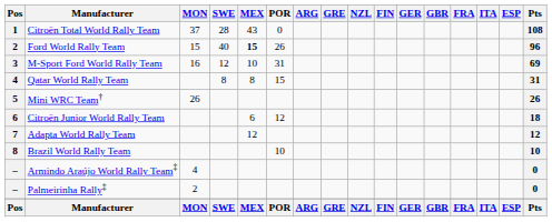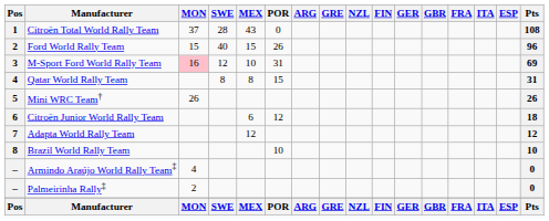 <table class="wikitable" style="text-align:center; font-size:85%;">
 <tr valign="top">
 <th valign="middle">Pos</th>
 <th valign="middle">Manufacturer</th>
 <th><a href='#'>MON</a><br></th>
 <th><a href='#'>SWE</a><br></th>
 <th><a href='#'>MEX</a><br></th>
 <th>POR<br></th>
 <th><a href='#'>ARG</a><br></th>
 <th><a href='#'>GRE</a><br></th>
 <th><a href='#'>NZL</a><br></th>
 <th><a href='#'>FIN</a><br></th>
 <th><a href='#'>GER</a><br></th>
 <th><a href='#'>GBR</a><br></th>
 <th><a href='#'>FRA</a><br></th>
 <th><a href='#'>ITA</a><br></th>
 <th><a href='#'>ESP</a><br></th>
 <th valign="middle"> Pts </th>
 </tr>
 <tr>
 <th>1</th>
 <td align="left"> <a href='#'>Citroën Total World Rally Team</a></td>
 <td>37</td>
 <td>28</td>
 <td>43</td>
 <td>0</td>
 <td></td>
 <td></td>
 <td></td>
 <td></td>
 <td></td>
 <td></td>
 <td></td>
 <td></td>
 <td></td>
 <th>108</th>
 </tr>
 <tr>
 <th>2</th>
 <td align="left"> <a href='#'>Ford World Rally Team</a></td>
 <td>15</td>
 <td>40</td>
-<td><strong>15</strong></td>
+<td>15</td>
 <td>26</td>
 <td></td>
 <td></td>
 <td></td>
 <td></td>
 <td></td>
 <td></td>
 <td></td>
 <td></td>
 <td></td>
 <th>96</th>
 </tr>
 <tr>
 <th>3</th>
 <td align="left"> <a href='#'>M-Sport Ford World Rally Team</a></td>
-<td>16</td>
+<td style="background: pink;">16</td>
 <td>12</td>
 <td>10</td>
 <td>31</td>
 <td></td>
 <td></td>
 <td></td>
 <td></td>
 <td></td>
 <td></td>
 <td></td>
 <td></td>
 <td></td>
 <th>69</th>
 </tr>
 <tr>
 <th>4</th>
 <td align="left"> <a href='#'>Qatar World Rally Team</a></td>
 <td></td>
 <td>8</td>
 <td>8</td>
 <td>15</td>
 <td></td>
 <td></td>
 <td></td>
 <td></td>
 <td></td>
 <td></td>
 <td></td>
 <td></td>
 <td></td>
 <th>31</th>
 </tr>
 <tr>
 <th>5</th>
 <td align="left"> <a href='#'>Mini WRC Team</a><sup>†</sup></td>
 <td>26</td>
 <td></td>
 <td></td>
 <td></td>
 <td></td>
 <td></td>
 <td></td>
 <td></td>
 <td></td>
 <td></td>
 <td></td>
 <td></td>
 <td></td>
 <th>26</th>
 </tr>
 <tr>
 <th>6</th>
 <td align="left"> <a href='#'>Citroën Junior World Rally Team</a></td>
 <td></td>
 <td></td>
 <td>6</td>
 <td>12</td>
 <td></td>
 <td></td>
 <td></td>
 <td></td>
 <td></td>
 <td></td>
 <td></td>
 <td></td>
 <td></td>
 <th>18</th>
 </tr>
 <tr>
 <th>7</th>
 <td align="left"> <a href='#'>Adapta World Rally Team</a></td>
 <td></td>
 <td></td>
 <td>12</td>
 <td></td>
 <td></td>
 <td></td>
 <td></td>
 <td></td>
 <td></td>
 <td></td>
 <td></td>
 <td></td>
 <td></td>
 <th>12</th>
 </tr>
 <tr>
 <th>8</th>
 <td align="left"> <a href='#'>Brazil World Rally Team</a></td>
 <td></td>
 <td></td>
 <td></td>
 <td>10</td>
 <td></td>
 <td></td>
 <td></td>
 <td></td>
 <td></td>
 <td></td>
 <td></td>
 <td></td>
 <td></td>
 <th>10</th>
 </tr>
 <tr>
 <th>–</th>
 <td align="left"> <a href='#'>Armindo Araújo World Rally Team</a><sup>‡</sup></td>
 <td>4</td>
 <td></td>
 <td></td>
 <td></td>
 <td></td>
 <td></td>
 <td></td>
 <td></td>
 <td></td>
 <td></td>
 <td></td>
 <td></td>
 <td></td>
 <th>0</th>
 </tr>
 <tr>
 <th>–</th>
 <td align="left"> <a href='#'>Palmeirinha Rally</a><sup>‡</sup></td>
 <td>2</td>
 <td></td>
 <td></td>
 <td></td>
 <td></td>
 <td></td>
 <td></td>
 <td></td>
 <td></td>
 <td></td>
 <td></td>
 <td></td>
 <td></td>
 <th>0</th>
 </tr>
 <tr>
 </tr>
 <tr valign="top">
 <th valign="middle">Pos</th>
 <th valign="middle">Manufacturer</th>
 <th><a href='#'>MON</a><br></th>
 <th><a href='#'>SWE</a><br></th>
 <th><a href='#'>MEX</a><br></th>
 <th>POR<br></th>
 <th><a href='#'>ARG</a><br></th>
 <th><a href='#'>GRE</a><br></th>
 <th><a href='#'>NZL</a><br></th>
 <th><a href='#'>FIN</a><br></th>
 <th><a href='#'>GER</a><br></th>
 <th><a href='#'>GBR</a><br></th>
 <th><a href='#'>FRA</a><br></th>
 <th><a href='#'>ITA</a><br></th>
 <th><a href='#'>ESP</a><br></th>
 <th valign="middle">Pts</th>
 </tr>
 </table>
